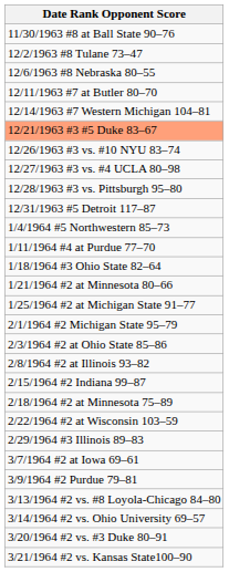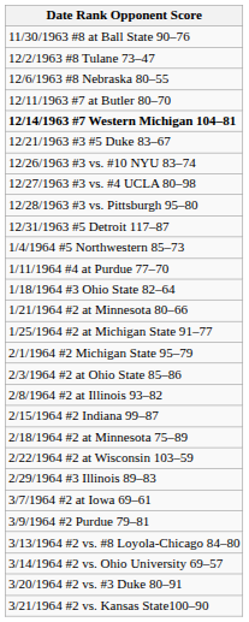 <table class="wikitable">
 <tr>
 <th>Date Rank Opponent Score</th>
 </tr>
 <tr>
 <td>11/30/1963 #8 at Ball State 90–76</td>
 </tr>
 <tr>
 <td>12/2/1963 #8 Tulane 73–47</td>
 </tr>
 <tr>
 <td>12/6/1963 #8 Nebraska 80–55</td>
 </tr>
 <tr>
 <td>12/11/1963 #7 at Butler 80–70</td>
 </tr>
 <tr>
-<td>12/14/1963 #7 Western Michigan 104–81</td>
+<td><strong>12/14/1963 #7 Western Michigan 104–81</strong></td>
 </tr>
 <tr>
-<td style="background: lightsalmon;">12/21/1963 #3 #5 Duke 83–67</td>
+<td>12/21/1963 #3 #5 Duke 83–67</td>
 </tr>
 <tr>
 <td>12/26/1963 #3 vs. #10 NYU 83–74</td>
 </tr>
 <tr>
 <td>12/27/1963 #3 vs. #4 UCLA 80–98</td>
 </tr>
 <tr>
 <td>12/28/1963 #3 vs. Pittsburgh 95–80</td>
 </tr>
 <tr>
 <td>12/31/1963 #5 Detroit 117–87</td>
 </tr>
 <tr>
 <td>1/4/1964 #5 Northwestern 85–73</td>
 </tr>
 <tr>
 <td>1/11/1964 #4 at Purdue 77–70</td>
 </tr>
 <tr>
 <td>1/18/1964 #3 Ohio State 82–64</td>
 </tr>
 <tr>
 <td>1/21/1964 #2 at Minnesota 80–66</td>
 </tr>
 <tr>
 <td>1/25/1964 #2 at Michigan State 91–77</td>
 </tr>
 <tr>
 <td>2/1/1964 #2 Michigan State 95–79</td>
 </tr>
 <tr>
 <td>2/3/1964 #2 at Ohio State 85–86</td>
 </tr>
 <tr>
 <td>2/8/1964 #2 at Illinois 93–82</td>
 </tr>
 <tr>
 <td>2/15/1964 #2 Indiana 99–87</td>
 </tr>
 <tr>
 <td>2/18/1964 #2 at Minnesota 75–89</td>
 </tr>
 <tr>
 <td>2/22/1964 #2 at Wisconsin 103–59</td>
 </tr>
 <tr>
 <td>2/29/1964 #3 Illinois 89–83</td>
 </tr>
 <tr>
 <td>3/7/1964 #2 at Iowa 69–61</td>
 </tr>
 <tr>
 <td>3/9/1964 #2 Purdue 79–81</td>
 </tr>
 <tr>
 <td>3/13/1964 #2 vs. #8 Loyola-Chicago 84–80</td>
 </tr>
 <tr>
 <td>3/14/1964 #2 vs. Ohio University 69–57</td>
 </tr>
 <tr>
 <td>3/20/1964 #2 vs. #3 Duke 80–91</td>
 </tr>
 <tr>
 <td>3/21/1964 #2 vs. Kansas State100–90</td>
 </tr>
 </table>
